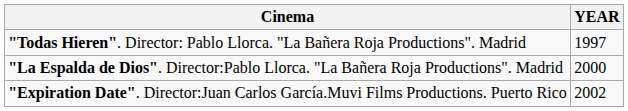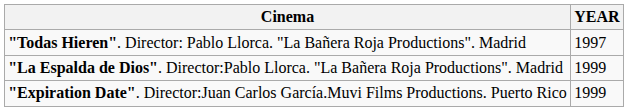 <table class="wikitable sortable">
 <tr>
 <th>Cinema</th>
 <th>YEAR</th>
 </tr>
 <tr>
 <td><strong>"Todas Hieren"</strong>. Director: Pablo Llorca. "La Bañera Roja Productions". Madrid</td>
 <td>1997</td>
 </tr>
 <tr>
 <td><strong>"La Espalda de Dios"</strong>. Director:Pablo Llorca. "La Bañera Roja Productions". Madrid</td>
-<td>2000</td>
+<td>1999</td>
 </tr>
 <tr>
 <td><strong>"Expiration Date"</strong>. Director:Juan Carlos García.Muvi Films Productions. Puerto Rico</td>
-<td>2002</td>
+<td>1999</td>
 </tr>
 </table>
